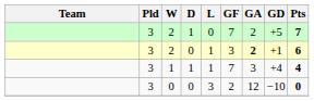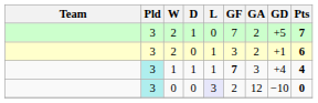 <table class="wikitable" style="text-align:center;">
 <tr>
 <th width=180>Team</th>
 <th width=20>Pld</th>
 <th width=20>W</th>
 <th width=20>D</th>
 <th width=20>L</th>
 <th width=20>GF</th>
 <th width=20>GA</th>
 <th width=20>GD</th>
 <th width=20>Pts</th>
 </tr>
 <tr style="background:#ccffcc; ">
 <td style="text-align:left;"></td>
 <td>3</td>
 <td>2</td>
 <td>1</td>
 <td>0</td>
 <td>7</td>
 <td>2</td>
 <td>+5</td>
 <td><strong>7</strong></td>
 </tr>
 <tr style="background:#ffffcc; ">
 <td style="text-align:left;"></td>
 <td>3</td>
 <td>2</td>
 <td>0</td>
 <td>1</td>
 <td>3</td>
-<td><strong>2</strong></td>
+<td>2</td>
 <td>+1</td>
 <td><strong>6</strong></td>
 </tr>
 <tr>
 <td style="text-align:left;"></td>
-<td>3</td>
+<td style="background: paleturquoise;">3</td>
 <td>1</td>
 <td>1</td>
 <td>1</td>
-<td>7</td>
+<td><strong>7</strong></td>
 <td>3</td>
 <td>+4</td>
 <td><strong>4</strong></td>
 </tr>
 <tr>
 <td style="text-align:left;"></td>
-<td>3</td>
+<td style="background: paleturquoise;">3</td>
 <td>0</td>
 <td>0</td>
-<td>3</td>
+<td style="background: lavender;">3</td>
 <td>2</td>
 <td>12</td>
 <td>−10</td>
 <td><strong>0</strong></td>
 </tr>
 <tr>
 </tr>
 </table>
